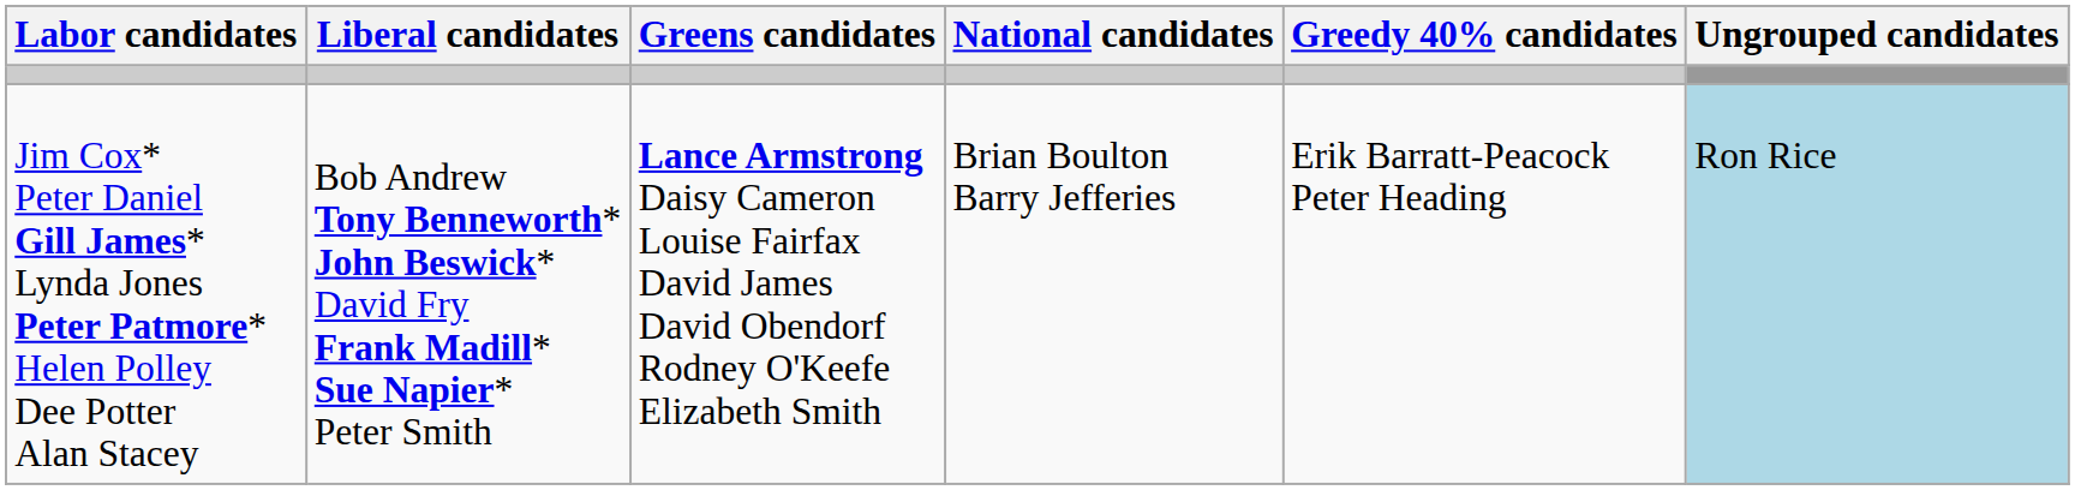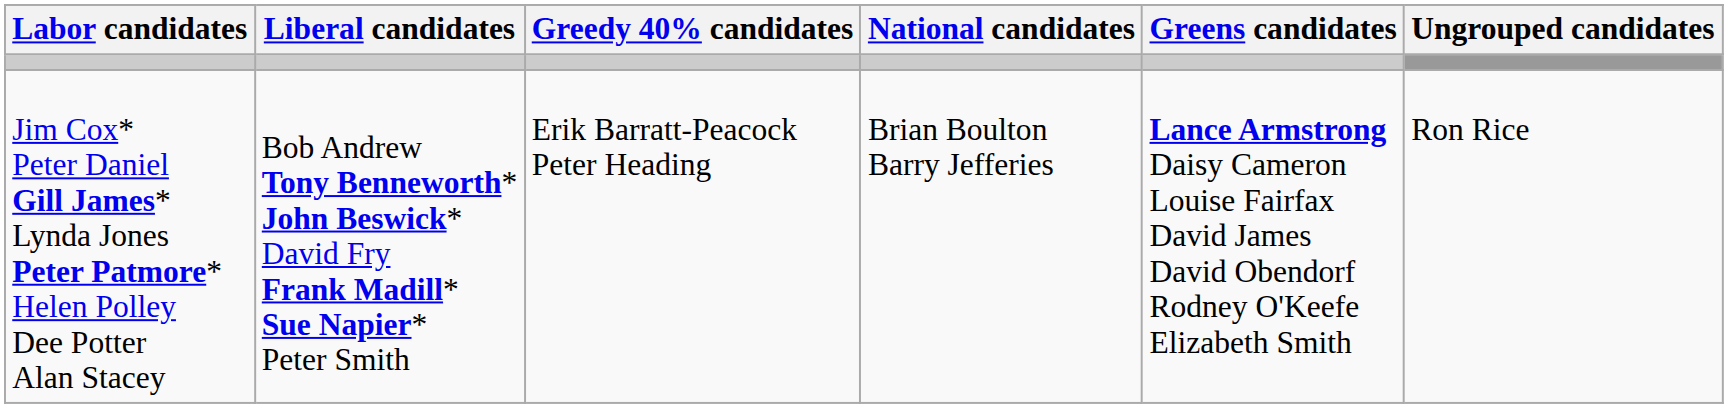 <table class="wikitable">
 <tr>
 <th><a href='#'>Labor</a> candidates</th>
 <th><a href='#'>Liberal</a> candidates</th>
+<th><a href='#'>Greedy 40%</a> candidates</th>
+<th><a href='#'>National</a> candidates</th>
 <th><a href='#'>Greens</a> candidates</th>
-<th><a href='#'>National</a> candidates</th>
-<th><a href='#'>Greedy 40%</a> candidates</th>
 <th>Ungrouped candidates</th>
 </tr>
 <tr bgcolor="#cccccc">
 <td></td>
 <td></td>
 <td></td>
 <td></td>
 <td></td>
 <td bgcolor="#999999"></td>
 </tr>
 <tr>
 <td><br><a href='#'>Jim Cox</a>*<br> <a href='#'>Peter Daniel</a><br> <strong><a href='#'>Gill James</a></strong>*<br> Lynda Jones<br> <strong><a href='#'>Peter Patmore</a></strong>*<br> <a href='#'>Helen Polley</a><br> Dee Potter<br> Alan Stacey</td>
 <td><br>Bob Andrew<br> <strong><a href='#'>Tony Benneworth</a></strong>*<br> <strong><a href='#'>John Beswick</a></strong>*<br> <a href='#'>David Fry</a><br> <strong><a href='#'>Frank Madill</a></strong>*<br> <strong><a href='#'>Sue Napier</a></strong>*<br> Peter Smith</td>
+<td valign=top><br>Erik Barratt-Peacock<br> Peter Heading</td>
+<td valign=top><br>Brian Boulton<br> Barry Jefferies</td>
 <td valign=top><br><strong><a href='#'>Lance Armstrong</a></strong><br> Daisy Cameron<br> Louise Fairfax<br> David James<br> David Obendorf<br> Rodney O'Keefe<br> Elizabeth Smith</td>
-<td valign=top><br>Brian Boulton<br> Barry Jefferies</td>
-<td valign=top><br>Erik Barratt-Peacock<br> Peter Heading</td>
-<td valign=top style="background: lightblue;"><br>Ron Rice</td>
+<td valign=top><br>Ron Rice</td>
 </tr>
 </table>
